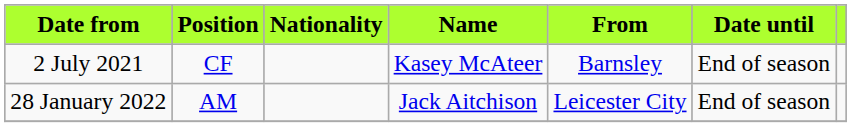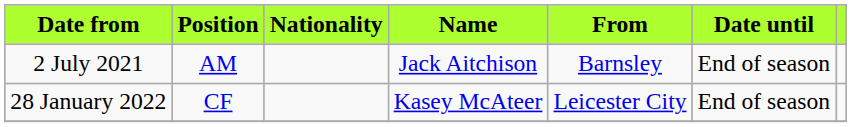 <table class="wikitable"  style="text-align:center; font-size:90%; ">
 <tr>
 <th style="background:#ADFF2F;color:black;">Date from</th>
 <th style="background:#ADFF2F;color:black;">Position</th>
 <th style="background:#ADFF2F;color:black;">Nationality</th>
 <th style="background:#ADFF2F;color:black;">Name</th>
 <th style="background:#ADFF2F;color:black;">From</th>
 <th style="background:#ADFF2F;color:black;">Date until</th>
 <th style="background:#ADFF2F;color:black;"></th>
 </tr>
 <tr>
 <td>2 July 2021</td>
-<td><a href='#'>CF</a></td>
+<td><a href='#'>AM</a></td>
 <td></td>
-<td><a href='#'>Kasey McAteer</a></td>
+<td><a href='#'>Jack Aitchison</a></td>
 <td> <a href='#'>Barnsley</a></td>
 <td>End of season</td>
 <td></td>
 </tr>
 <tr>
 <td>28 January 2022</td>
-<td><a href='#'>AM</a></td>
+<td><a href='#'>CF</a></td>
 <td></td>
-<td><a href='#'>Jack Aitchison</a></td>
+<td><a href='#'>Kasey McAteer</a></td>
 <td> <a href='#'>Leicester City</a></td>
 <td>End of season</td>
 <td></td>
 </tr>
 <tr>
 </tr>
 </table>
